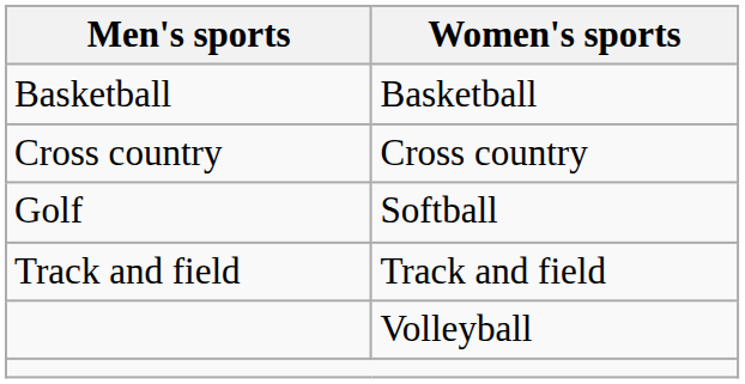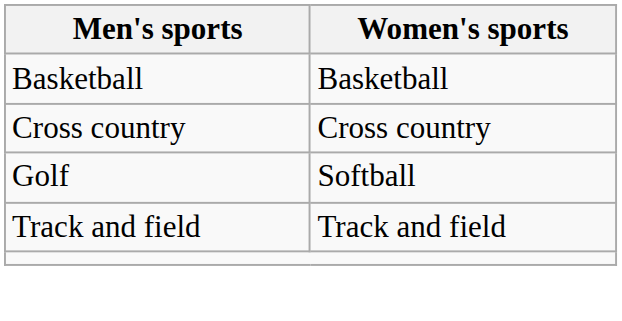 <table class="wikitable"; style= "text-align: ">
 <tr>
 <th width=150px>Men's sports</th>
 <th width=150px>Women's sports</th>
 </tr>
 <tr>
 <td>Basketball</td>
 <td>Basketball</td>
 </tr>
 <tr>
 <td>Cross country</td>
 <td>Cross country</td>
 </tr>
 <tr>
 <td>Golf</td>
 <td>Softball</td>
 </tr>
 <tr>
 <td>Track and field</td>
 <td>Track and field</td>
 </tr>
 <tr>
-<td></td>
-<td>Volleyball</td>
-</tr>
-<tr>
 <td colspan=2></td>
 </tr>
 </table>
